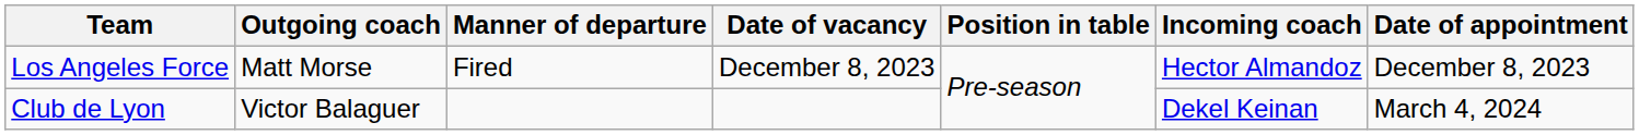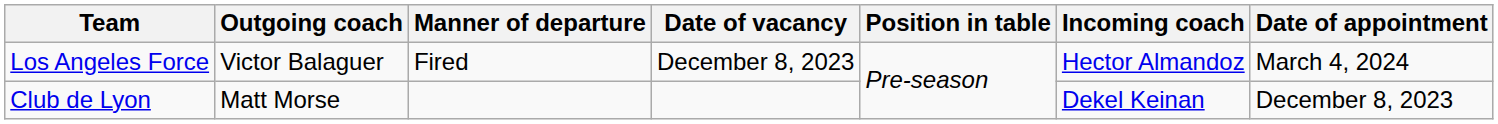 <table class="wikitable">
 <tr>
 <th>Team</th>
 <th>Outgoing coach</th>
 <th>Manner of departure</th>
 <th>Date of vacancy</th>
 <th>Position in table</th>
 <th>Incoming coach</th>
 <th>Date of appointment</th>
 </tr>
 <tr>
 <td><a href='#'>Los Angeles Force</a></td>
-<td> Matt Morse</td>
+<td> Victor Balaguer</td>
 <td>Fired</td>
 <td>December 8, 2023</td>
 <td rowspan=2><em>Pre-season</em></td>
 <td> <a href='#'>Hector Almandoz</a></td>
-<td>December 8, 2023</td>
+<td>March 4, 2024</td>
 </tr>
 <tr>
 <td><a href='#'>Club de Lyon</a></td>
-<td> Victor Balaguer</td>
+<td> Matt Morse</td>
 <td></td>
 <td></td>
 <td> <a href='#'>Dekel Keinan</a></td>
-<td>March 4, 2024</td>
+<td>December 8, 2023</td>
 </tr>
 </table>
